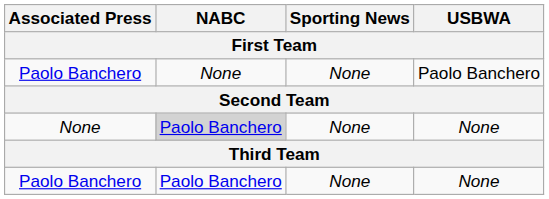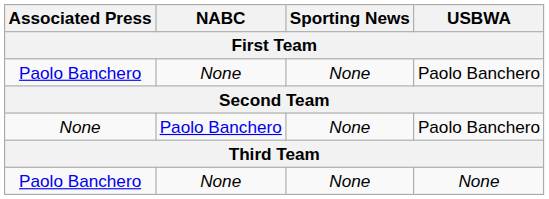 <table class="wikitable" style="font-size: 95%; text-align:center;">
 <tr>
 <th>Associated Press</th>
 <th>NABC</th>
 <th>Sporting News</th>
 <th>USBWA</th>
 </tr>
 <tr>
 <th colspan=4>First Team</th>
 </tr>
 <tr>
 <td><a href='#'>Paolo Banchero</a></td>
 <td><em>None</em></td>
 <td><em>None</em></td>
 <td>Paolo Banchero</td>
 </tr>
 <tr>
 <th colspan=4>Second Team</th>
 </tr>
 <tr>
 <td><em>None</em></td>
-<td style="background: lightgrey;"><a href='#'>Paolo Banchero</a></td>
+<td><a href='#'>Paolo Banchero</a></td>
 <td><em>None</em></td>
-<td><em>None</em></td>
+<td>Paolo Banchero</td>
 </tr>
 <tr>
 <th colspan=4>Third Team</th>
 </tr>
 <tr>
 <td><a href='#'>Paolo Banchero</a></td>
-<td><a href='#'>Paolo Banchero</a></td>
+<td><em>None</em></td>
 <td><em>None</em></td>
 <td><em>None</em></td>
 </tr>
 </table>
